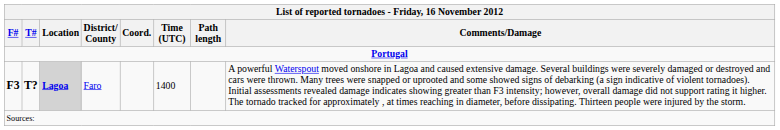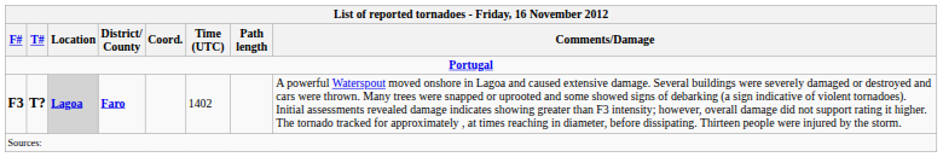 <table class="wikitable collapsible" width="100%">
 <tr>
 <th colspan="8">List of reported tornadoes - Friday, 16 November 2012</th>
 </tr>
 <tr>
 <th><a href='#'>F#</a></th>
 <th><a href='#'>T#</a></th>
 <th>Location</th>
 <th>District/<br>County</th>
 <th>Coord.</th>
 <th>Time (UTC)</th>
 <th>Path length</th>
 <th>Comments/Damage</th>
 </tr>
 <tr>
 <td colspan="8" align=center><strong><a href='#'>Portugal</a></strong></td>
 </tr>
 <tr>
 <td><big><strong>F3</strong></big></td>
 <td><big><strong>T?</strong></big></td>
 <td style="background: lightgrey;"><strong><a href='#'>Lagoa</a></strong></td>
-<td><a href='#'>Faro</a></td>
+<td><strong><a href='#'>Faro</a></strong></td>
 <td></td>
-<td>1400</td>
+<td>1402</td>
 <td></td>
 <td>A powerful <a href='#'>Waterspout</a> moved onshore in Lagoa and caused extensive damage. Several buildings were severely damaged or destroyed and cars were thrown. Many trees were snapped or uprooted and some showed signs of debarking (a sign indicative of violent tornadoes). Initial assessments revealed damage indicates showing greater than F3 intensity; however, overall damage did not support rating it higher. The tornado tracked for approximately , at times reaching  in diameter, before dissipating. Thirteen people were injured by the storm.</td>
 </tr>
 <tr>
 <td colspan="8"><small>Sources:  </small></td>
 </tr>
 </table>
